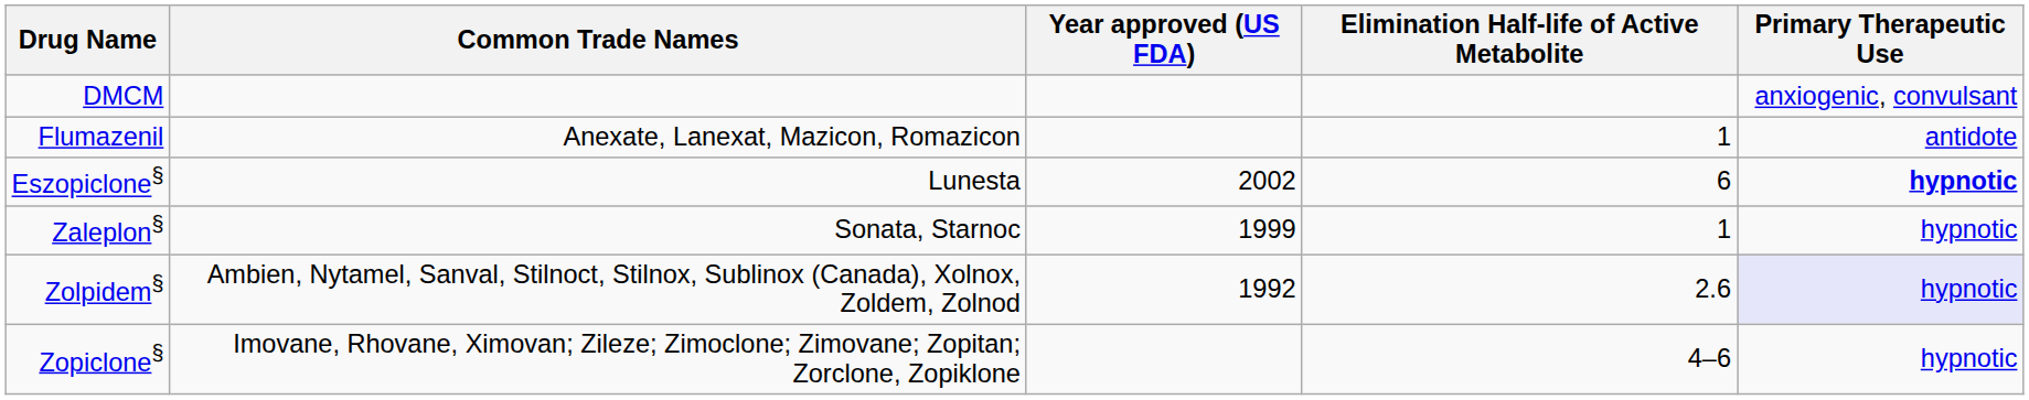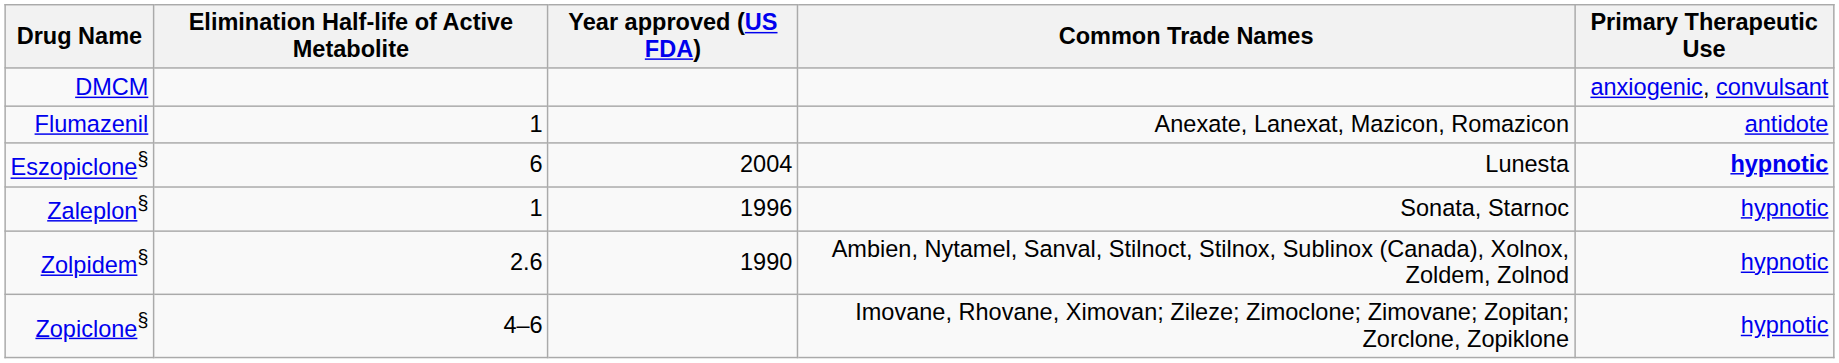 <table class="wikitable sortable" style="float:center; margin-left:3px;text-size:100%; text-align:right">
 <tr>
 <th>Drug Name</th>
+<th>Elimination Half-life of Active Metabolite </th>
+<th>Year approved (<a href='#'>US FDA</a>)</th>
 <th>Common Trade Names</th>
-<th>Year approved (<a href='#'>US FDA</a>)</th>
-<th>Elimination Half-life of Active Metabolite </th>
 <th>Primary Therapeutic Use</th>
 </tr>
 <tr>
 <td><a href='#'>DMCM</a></td>
 <td></td>
 <td></td>
 <td></td>
 <td><a href='#'>anxiogenic</a>, <a href='#'>convulsant</a></td>
 </tr>
 <tr>
 <td><a href='#'>Flumazenil</a></td>
+<td>1</td>
+<td></td>
 <td>Anexate, Lanexat, Mazicon, Romazicon</td>
-<td></td>
-<td>1</td>
 <td><a href='#'>antidote</a></td>
 </tr>
 <tr>
 <td><a href='#'>Eszopiclone</a><sup>§</sup></td>
+<td>6</td>
+<td>2004</td>
 <td>Lunesta</td>
-<td>2002</td>
-<td>6</td>
 <td><strong><a href='#'>hypnotic</a></strong></td>
 </tr>
 <tr>
 <td><a href='#'>Zaleplon</a><sup>§</sup></td>
+<td>1</td>
+<td>1996</td>
 <td>Sonata, Starnoc</td>
-<td>1999</td>
-<td>1</td>
 <td><a href='#'>hypnotic</a></td>
 </tr>
 <tr>
 <td><a href='#'>Zolpidem</a><sup>§</sup></td>
+<td>2.6</td>
+<td>1990</td>
 <td>Ambien, Nytamel, Sanval, Stilnoct, Stilnox, Sublinox (Canada), Xolnox, Zoldem, Zolnod</td>
-<td>1992</td>
-<td>2.6</td>
-<td style="background: lavender;"><a href='#'>hypnotic</a></td>
+<td><a href='#'>hypnotic</a></td>
 </tr>
 <tr>
 <td><a href='#'>Zopiclone</a><sup>§</sup></td>
+<td>4–6</td>
+<td></td>
 <td>Imovane, Rhovane, Ximovan; Zileze; Zimoclone; Zimovane; Zopitan; Zorclone, Zopiklone</td>
-<td></td>
-<td>4–6</td>
 <td><a href='#'>hypnotic</a></td>
 </tr>
 </table>
